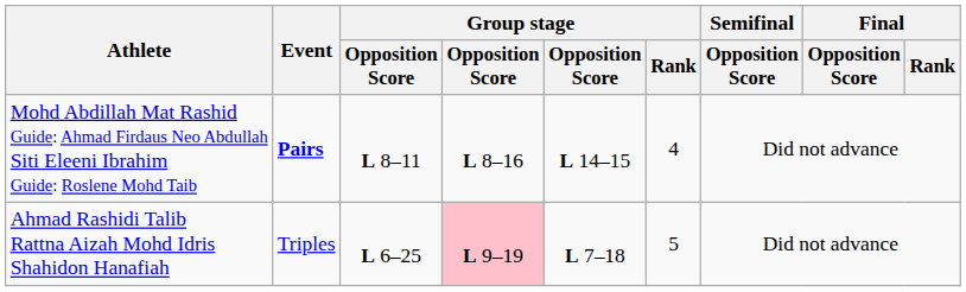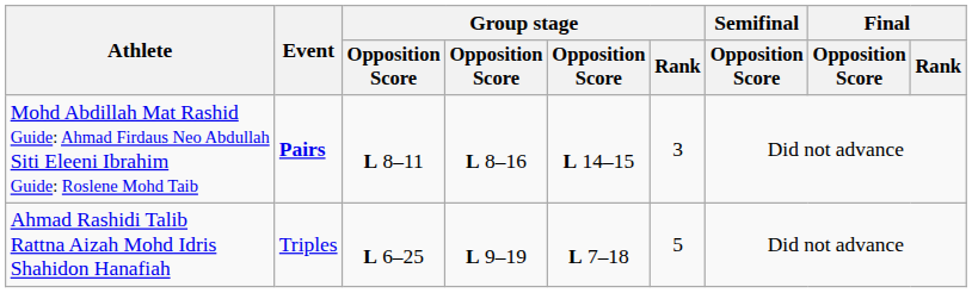 <table class="wikitable" style="font-size:90%">
 <tr>
 <th rowspan=2>Athlete</th>
 <th rowspan=2>Event</th>
 <th colspan=4>Group stage</th>
 <th>Semifinal</th>
 <th colspan=2>Final</th>
 </tr>
 <tr style="font-size:95%">
 <th>Opposition<br>Score</th>
 <th>Opposition<br>Score</th>
 <th>Opposition<br>Score</th>
 <th>Rank</th>
 <th>Opposition<br>Score</th>
 <th>Opposition<br>Score</th>
 <th>Rank</th>
 </tr>
 <tr align=center>
 <td align=left><a href='#'>Mohd Abdillah Mat Rashid</a><br><small><a href='#'>Guide</a>: <a href='#'>Ahmad Firdaus Neo Abdullah</a></small><br><a href='#'>Siti Eleeni Ibrahim</a><br><small><a href='#'>Guide</a>: <a href='#'>Roslene Mohd Taib</a></small></td>
 <td align=left><strong><a href='#'>Pairs</a></strong></td>
 <td><br><strong>L</strong> 8–11</td>
 <td><br><strong>L</strong> 8–16</td>
 <td><br><strong>L</strong> 14–15</td>
-<td>4</td>
+<td>3</td>
 <td colspan=3>Did not advance</td>
 </tr>
 <tr align=center>
 <td align=left><a href='#'>Ahmad Rashidi Talib</a><br><a href='#'>Rattna Aizah Mohd Idris</a><br><a href='#'>Shahidon Hanafiah</a></td>
 <td align=left><a href='#'>Triples</a></td>
 <td><br><strong>L</strong> 6–25</td>
-<td style="background: pink;"><br><strong>L</strong> 9–19</td>
+<td><br><strong>L</strong> 9–19</td>
 <td><br><strong>L</strong> 7–18</td>
 <td>5</td>
 <td colspan=3>Did not advance</td>
 </tr>
 </table>
